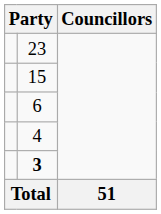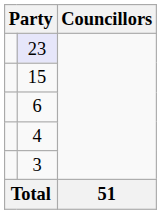 <table class="wikitable">
 <tr>
 <th colspan=2>Party</th>
 <th>Councillors</th>
 </tr>
 <tr>
 <td></td>
-<td align=center>23</td>
+<td align=center style="background: lavender;">23</td>
 </tr>
 <tr>
 <td></td>
 <td align=center>15</td>
 </tr>
 <tr>
 <td></td>
 <td align=center>6</td>
 </tr>
 <tr>
 <td></td>
 <td align=center>4</td>
 </tr>
 <tr>
 <td></td>
-<td align=center><strong>3</strong></td>
+<td align=center>3</td>
 </tr>
 <tr>
 <th colspan=2>Total</th>
 <th align=center>51</th>
 </tr>
 </table>
